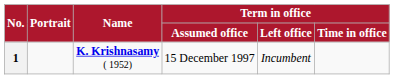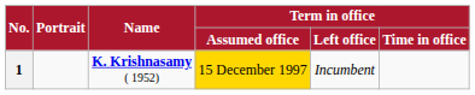 <table class="wikitable sortable" style="text-align:center;">
 <tr>
 <th rowspan=2 style="background-color:#AD172D;color:white">No.</th>
 <th rowspan=2 style="background-color:#AD172D;color:white">Portrait</th>
 <th rowspan=2 style="background-color:#AD172D;color:white">Name<br></th>
 <th colspan=3 style="background-color:#AD172D;color:white">Term in office</th>
 </tr>
 <tr>
 <th style="background-color:#AD172D;color:white">Assumed office</th>
 <th style="background-color:#AD172D;color:white">Left office</th>
 <th style="background-color:#AD172D;color:white">Time in office</th>
 </tr>
 <tr>
 <th>1</th>
 <td></td>
 <td><strong><a href='#'>K. Krishnasamy</a></strong><br><small>( 1952)</small></td>
-<td>15 December 1997</td>
+<td style="background: gold;">15 December 1997</td>
 <td><em>Incumbent</em></td>
 <td></td>
 </tr>
 </table>
